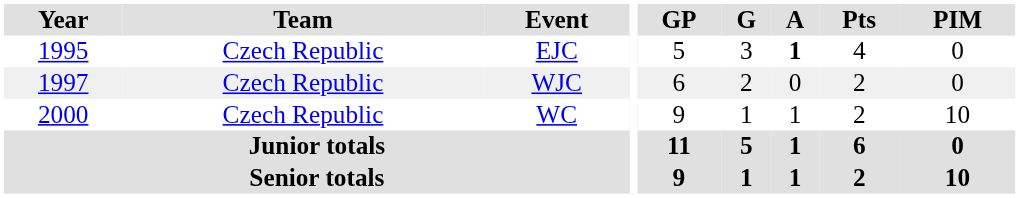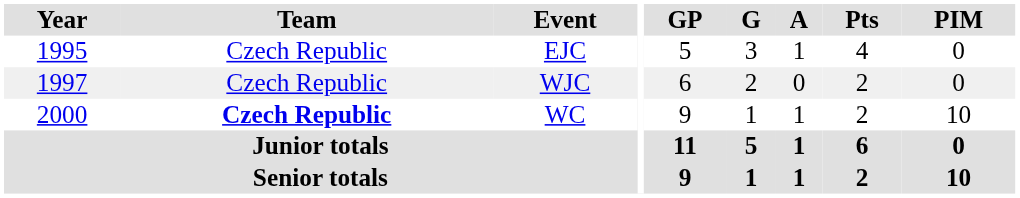 <table border="0" cellpadding="1" cellspacing="0" ID="Table3" style="text-align:center; width:40em">
 <tr ALIGN="center" bgcolor="#e0e0e0">
 <th>Year</th>
 <th>Team</th>
 <th>Event</th>
 <th rowspan="99" bgcolor="#ffffff"></th>
 <th>GP</th>
 <th>G</th>
 <th>A</th>
 <th>Pts</th>
 <th>PIM</th>
 </tr>
 <tr>
 <td><a href='#'>1995</a></td>
 <td><a href='#'>Czech Republic</a></td>
 <td><a href='#'>EJC</a></td>
 <td>5</td>
 <td>3</td>
-<td><strong>1</strong></td>
+<td>1</td>
 <td>4</td>
 <td>0</td>
 </tr>
 <tr bgcolor="#f0f0f0">
 <td><a href='#'>1997</a></td>
 <td><a href='#'>Czech Republic</a></td>
 <td><a href='#'>WJC</a></td>
 <td>6</td>
 <td>2</td>
 <td>0</td>
 <td>2</td>
 <td>0</td>
 </tr>
 <tr>
 <td><a href='#'>2000</a></td>
-<td><a href='#'>Czech Republic</a></td>
+<td><strong><a href='#'>Czech Republic</a></strong></td>
 <td><a href='#'>WC</a></td>
 <td>9</td>
 <td>1</td>
 <td>1</td>
 <td>2</td>
 <td>10</td>
 </tr>
 <tr bgcolor="#e0e0e0">
 <th colspan="3">Junior totals</th>
 <th>11</th>
 <th>5</th>
 <th>1</th>
 <th>6</th>
 <th>0</th>
 </tr>
 <tr bgcolor="#e0e0e0">
 <th colspan="3">Senior totals</th>
 <th>9</th>
 <th>1</th>
 <th>1</th>
 <th>2</th>
 <th>10</th>
 </tr>
 </table>
